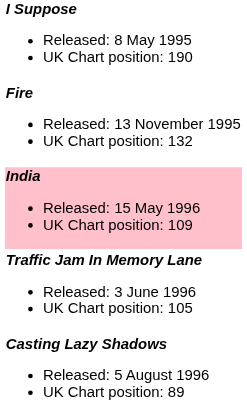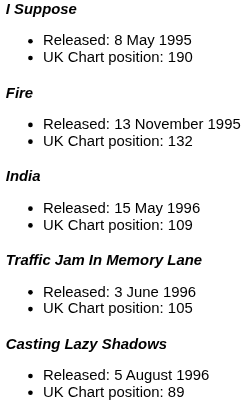 <table>
 <tr>
 <td align="left"><strong><em>I Suppose</em></strong><br><ul><li>Released: 8 May 1995</li><li>UK Chart position: 190</li></ul></td>
 </tr>
 <tr>
 <td align="left"><strong><em>Fire</em></strong><br><ul><li>Released: 13 November 1995</li><li>UK Chart position: 132</li></ul></td>
 </tr>
 <tr>
-<td align="left" style="background: pink;"><strong><em>India</em></strong><br><ul><li>Released: 15 May 1996</li><li>UK Chart position: 109</li></ul></td>
+<td align="left"><strong><em>India</em></strong><br><ul><li>Released: 15 May 1996</li><li>UK Chart position: 109</li></ul></td>
 </tr>
 <tr>
 <td align="left"><strong><em>Traffic Jam In Memory Lane</em></strong><br><ul><li>Released: 3 June 1996</li><li>UK Chart position: 105</li></ul></td>
 </tr>
 <tr>
 <td align="left"><strong><em>Casting Lazy Shadows</em></strong><br><ul><li>Released: 5 August 1996</li><li>UK Chart position: 89</li></ul></td>
 </tr>
 <tr>
 </tr>
 </table>
